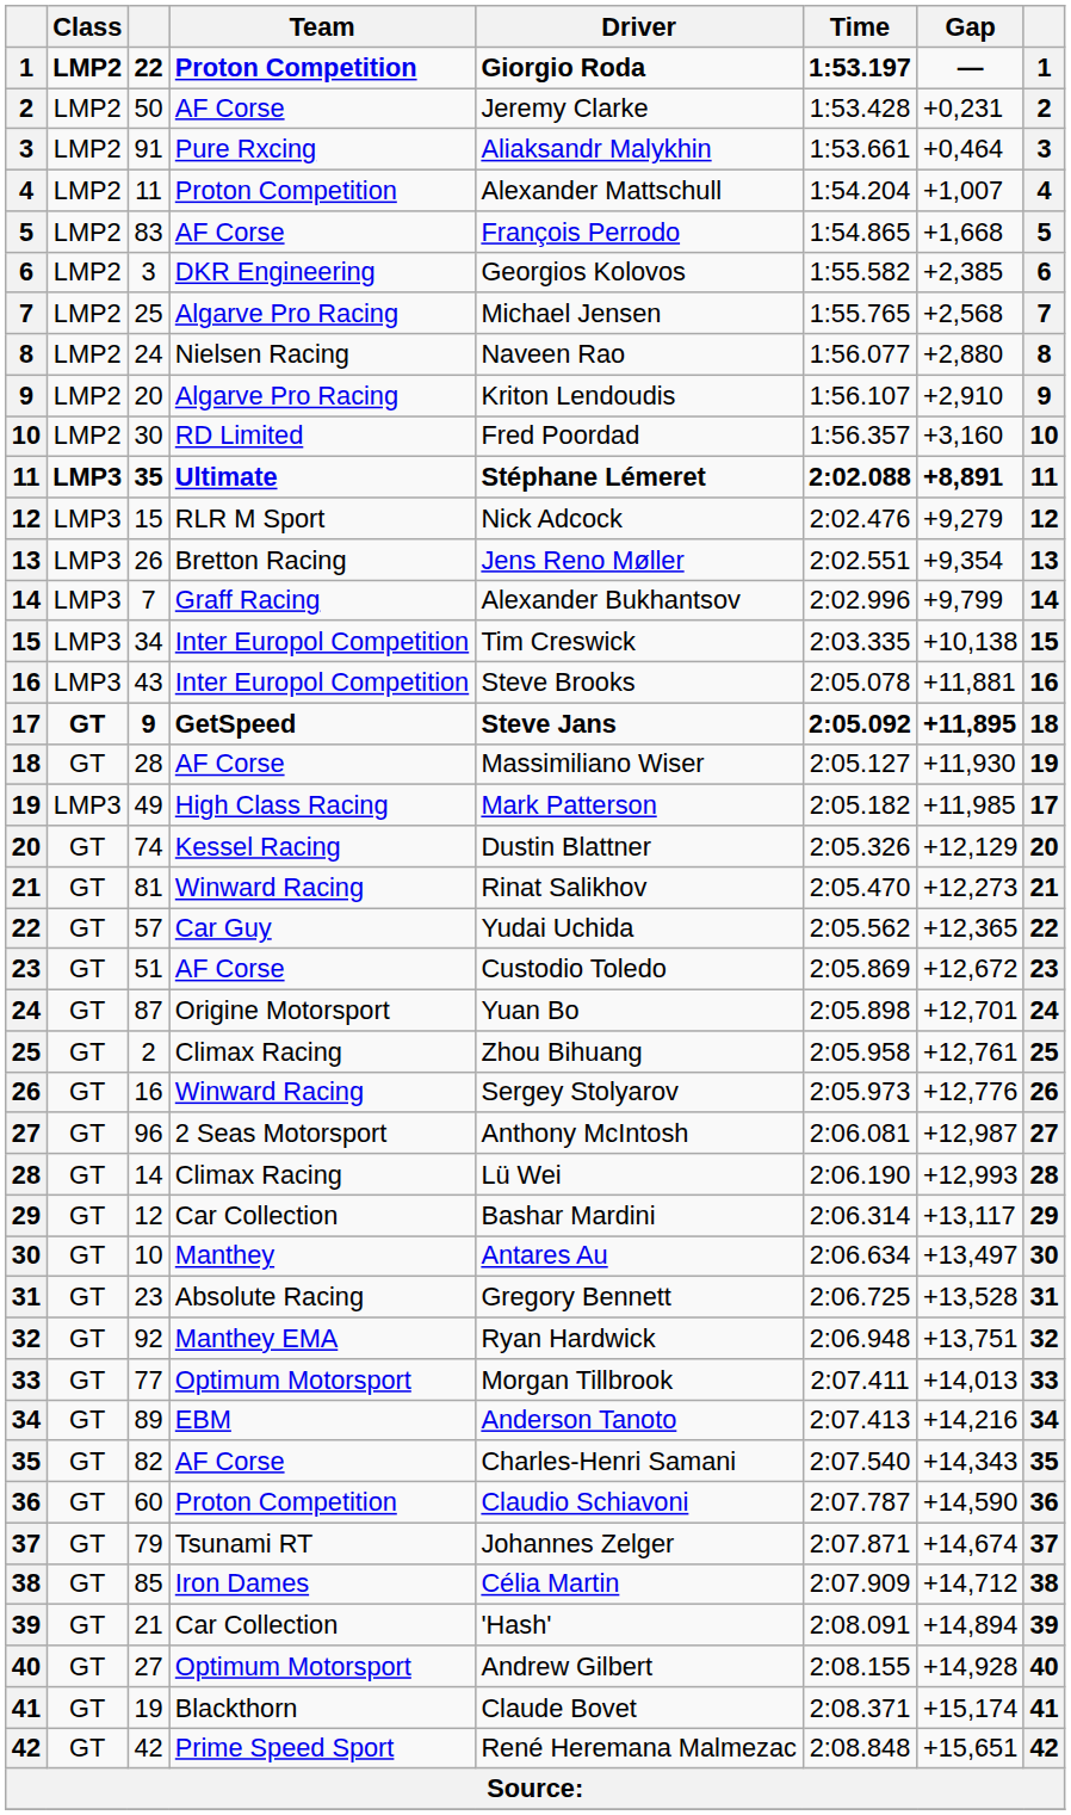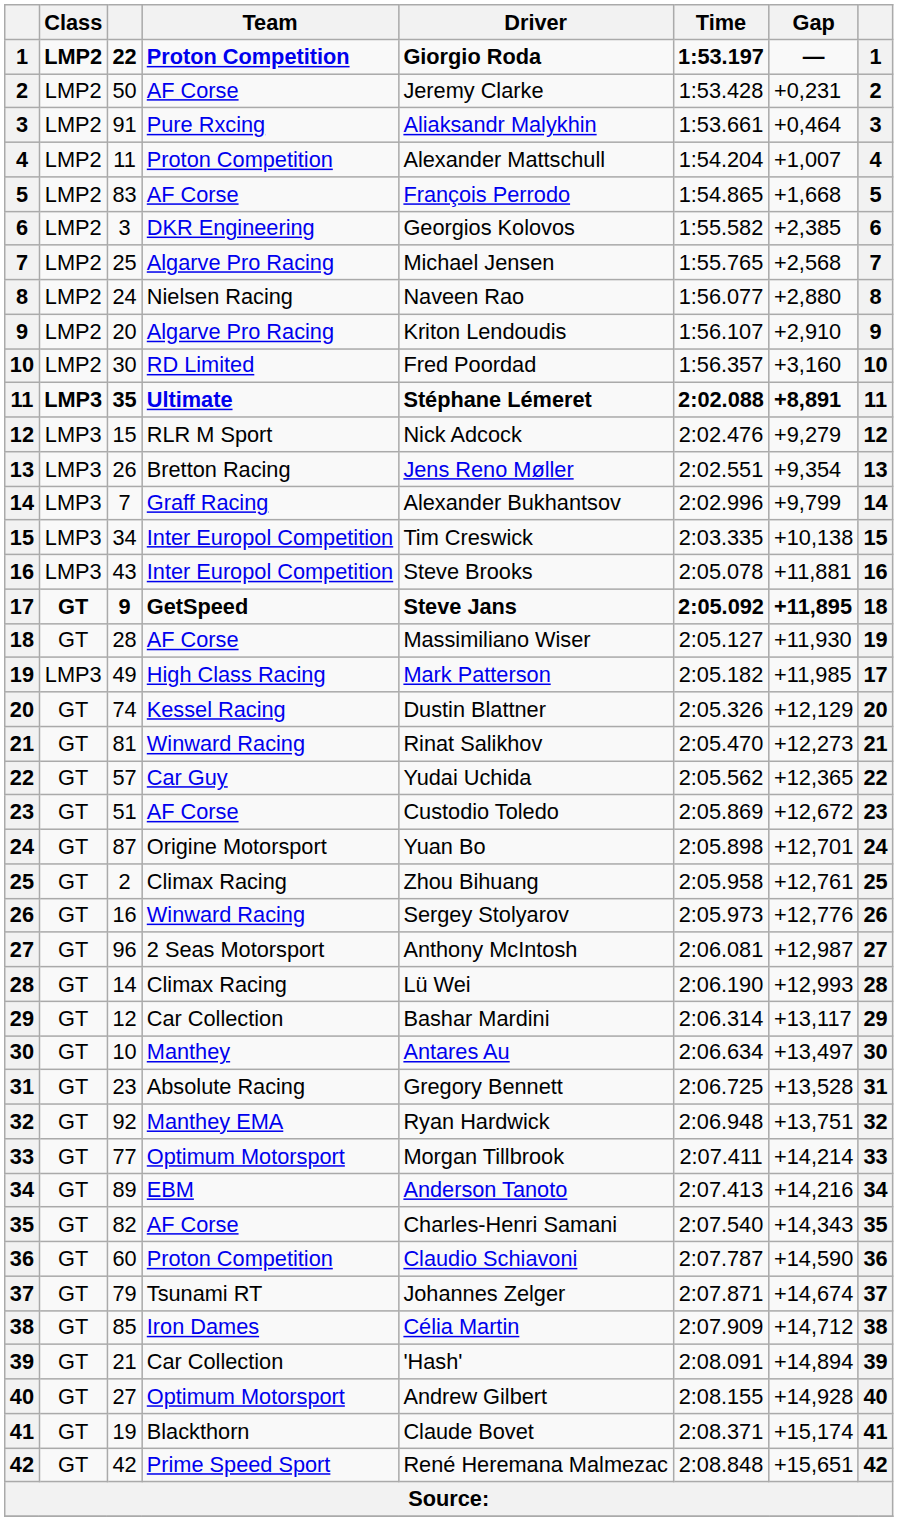 <table class="wikitable sortable" style="font-size: 90%;">
 <tr>
 <th></th>
 <th class="unsortable">Class</th>
 <th class="unsortable"></th>
 <th class="unsortable">Team</th>
 <th class="unsortable">Driver</th>
 <th class="unsortable">Time</th>
 <th class="unsortable">Gap</th>
 <th></th>
 </tr>
 <tr style="font-weight: bold;">
 <th>1</th>
 <td align="center">LMP2</td>
 <td align="center">22</td>
 <td> <a href='#'>Proton Competition</a></td>
 <td> Giorgio Roda</td>
 <td align="center">1:53.197</td>
 <td align="center">—</td>
 <th>1</th>
 </tr>
 <tr>
 <th>2</th>
 <td align="center">LMP2</td>
 <td align="center">50</td>
 <td> <a href='#'>AF Corse</a></td>
 <td> Jeremy Clarke</td>
 <td align="center">1:53.428</td>
 <td>+0,231</td>
 <th>2</th>
 </tr>
 <tr>
 <th>3</th>
 <td align="center">LMP2</td>
 <td align="center">91</td>
 <td> <a href='#'>Pure Rxcing</a></td>
 <td> <a href='#'>Aliaksandr Malykhin</a></td>
 <td align="center">1:53.661</td>
 <td>+0,464</td>
 <th>3</th>
 </tr>
 <tr>
 <th>4</th>
 <td align="center">LMP2</td>
 <td align="center">11</td>
 <td> <a href='#'>Proton Competition</a></td>
 <td> Alexander Mattschull</td>
 <td align="center">1:54.204</td>
 <td>+1,007</td>
 <th>4</th>
 </tr>
 <tr>
 <th>5</th>
 <td align="center">LMP2</td>
 <td align="center">83</td>
 <td> <a href='#'>AF Corse</a></td>
 <td> <a href='#'>François Perrodo</a></td>
 <td align="center">1:54.865</td>
 <td>+1,668</td>
 <th>5</th>
 </tr>
 <tr>
 <th>6</th>
 <td align="center">LMP2</td>
 <td align="center">3</td>
 <td> <a href='#'>DKR Engineering</a></td>
 <td> Georgios Kolovos</td>
 <td align="center">1:55.582</td>
 <td>+2,385</td>
 <th>6</th>
 </tr>
 <tr>
 <th>7</th>
 <td align="center">LMP2</td>
 <td align="center">25</td>
 <td> <a href='#'>Algarve Pro Racing</a></td>
 <td> Michael Jensen</td>
 <td align="center">1:55.765</td>
 <td>+2,568</td>
 <th>7</th>
 </tr>
 <tr>
 <th>8</th>
 <td align="center">LMP2</td>
 <td align="center">24</td>
 <td> Nielsen Racing</td>
 <td> Naveen Rao</td>
 <td align="center">1:56.077</td>
 <td>+2,880</td>
 <th>8</th>
 </tr>
 <tr>
 <th>9</th>
 <td align="center">LMP2</td>
 <td align="center">20</td>
 <td> <a href='#'>Algarve Pro Racing</a></td>
 <td> Kriton Lendoudis</td>
 <td align="center">1:56.107</td>
 <td>+2,910</td>
 <th>9</th>
 </tr>
 <tr>
 <th>10</th>
 <td align="center">LMP2</td>
 <td align="center">30</td>
 <td> <a href='#'>RD Limited</a></td>
 <td> Fred Poordad</td>
 <td align="center">1:56.357</td>
 <td>+3,160</td>
 <th>10</th>
 </tr>
 <tr style="font-weight: bold;">
 <th>11</th>
 <td align="center">LMP3</td>
 <td align="center">35</td>
 <td> <a href='#'>Ultimate</a></td>
 <td> Stéphane Lémeret</td>
 <td align="center">2:02.088</td>
 <td>+8,891</td>
 <th>11</th>
 </tr>
 <tr>
 <th>12</th>
 <td align="center">LMP3</td>
 <td align="center">15</td>
 <td> RLR M Sport</td>
 <td> Nick Adcock</td>
 <td align="center">2:02.476</td>
 <td>+9,279</td>
 <th>12</th>
 </tr>
 <tr>
 <th>13</th>
 <td align="center">LMP3</td>
 <td align="center">26</td>
 <td> Bretton Racing</td>
 <td> <a href='#'>Jens Reno Møller</a></td>
 <td align="center">2:02.551</td>
 <td>+9,354</td>
 <th>13</th>
 </tr>
 <tr>
 <th>14</th>
 <td align="center">LMP3</td>
 <td align="center">7</td>
 <td> <a href='#'>Graff Racing</a></td>
 <td> Alexander Bukhantsov</td>
 <td align="center">2:02.996</td>
 <td>+9,799</td>
 <th>14</th>
 </tr>
 <tr>
 <th>15</th>
 <td align="center">LMP3</td>
 <td align="center">34</td>
 <td> <a href='#'>Inter Europol Competition</a></td>
 <td> Tim Creswick</td>
 <td align="center">2:03.335</td>
 <td>+10,138</td>
 <th>15</th>
 </tr>
 <tr>
 <th>16</th>
 <td align="center">LMP3</td>
 <td align="center">43</td>
 <td> <a href='#'>Inter Europol Competition</a></td>
 <td> Steve Brooks</td>
 <td align="center">2:05.078</td>
 <td>+11,881</td>
 <th>16</th>
 </tr>
 <tr style="font-weight: bold;">
 <th>17</th>
 <td align="center">GT</td>
 <td align="center">9</td>
 <td> GetSpeed</td>
 <td> Steve Jans</td>
 <td align="center">2:05.092</td>
 <td>+11,895</td>
 <th>18</th>
 </tr>
 <tr>
 <th>18</th>
 <td align="center">GT</td>
 <td align="center">28</td>
 <td> <a href='#'>AF Corse</a></td>
 <td> Massimiliano Wiser</td>
 <td align="center">2:05.127</td>
 <td>+11,930</td>
 <th>19</th>
 </tr>
 <tr>
 <th>19</th>
 <td align="center">LMP3</td>
 <td align="center">49</td>
 <td> <a href='#'>High Class Racing</a></td>
 <td> <a href='#'>Mark Patterson</a></td>
 <td align="center">2:05.182</td>
 <td>+11,985</td>
 <th>17</th>
 </tr>
 <tr>
 <th>20</th>
 <td align="center">GT</td>
 <td align="center">74</td>
 <td> <a href='#'>Kessel Racing</a></td>
 <td> Dustin Blattner</td>
 <td align="center">2:05.326</td>
 <td>+12,129</td>
 <th>20</th>
 </tr>
 <tr>
 <th>21</th>
 <td align="center">GT</td>
 <td align="center">81</td>
 <td> <a href='#'>Winward Racing</a></td>
 <td> Rinat Salikhov</td>
 <td align="center">2:05.470</td>
 <td>+12,273</td>
 <th>21</th>
 </tr>
 <tr>
 <th>22</th>
 <td align="center">GT</td>
 <td align="center">57</td>
 <td> <a href='#'>Car Guy</a></td>
 <td> Yudai Uchida</td>
 <td align="center">2:05.562</td>
 <td>+12,365</td>
 <th>22</th>
 </tr>
 <tr>
 <th>23</th>
 <td align="center">GT</td>
 <td align="center">51</td>
 <td> <a href='#'>AF Corse</a></td>
 <td> Custodio Toledo</td>
 <td align="center">2:05.869</td>
 <td>+12,672</td>
 <th>23</th>
 </tr>
 <tr>
 <th>24</th>
 <td align="center">GT</td>
 <td align="center">87</td>
 <td> Origine Motorsport</td>
 <td> Yuan Bo</td>
 <td align="center">2:05.898</td>
 <td>+12,701</td>
 <th>24</th>
 </tr>
 <tr>
 <th>25</th>
 <td align="center">GT</td>
 <td align="center">2</td>
 <td> Climax Racing</td>
 <td> Zhou Bihuang</td>
 <td align="center">2:05.958</td>
 <td>+12,761</td>
 <th>25</th>
 </tr>
 <tr>
 <th>26</th>
 <td align="center">GT</td>
 <td align="center">16</td>
 <td> <a href='#'>Winward Racing</a></td>
 <td> Sergey Stolyarov</td>
 <td align="center">2:05.973</td>
 <td>+12,776</td>
 <th>26</th>
 </tr>
 <tr>
 <th>27</th>
 <td align="center">GT</td>
 <td align="center">96</td>
 <td> 2 Seas Motorsport</td>
 <td> Anthony McIntosh</td>
 <td align="center">2:06.081</td>
 <td>+12,987</td>
 <th>27</th>
 </tr>
 <tr>
 <th>28</th>
 <td align="center">GT</td>
 <td align="center">14</td>
 <td> Climax Racing</td>
 <td> Lü Wei</td>
 <td align="center">2:06.190</td>
 <td>+12,993</td>
 <th>28</th>
 </tr>
 <tr>
 <th>29</th>
 <td align="center">GT</td>
 <td align="center">12</td>
 <td> Car Collection</td>
 <td> Bashar Mardini</td>
 <td align="center">2:06.314</td>
 <td>+13,117</td>
 <th>29</th>
 </tr>
 <tr>
 <th>30</th>
 <td align="center">GT</td>
 <td align="center">10</td>
 <td> <a href='#'>Manthey</a></td>
 <td> <a href='#'>Antares Au</a></td>
 <td align="center">2:06.634</td>
 <td>+13,497</td>
 <th>30</th>
 </tr>
 <tr>
 <th>31</th>
 <td align="center">GT</td>
 <td align="center">23</td>
 <td> Absolute Racing</td>
 <td> Gregory Bennett</td>
 <td align="center">2:06.725</td>
 <td>+13,528</td>
 <th>31</th>
 </tr>
 <tr>
 <th>32</th>
 <td align="center">GT</td>
 <td align="center">92</td>
 <td> <a href='#'>Manthey EMA</a></td>
 <td> Ryan Hardwick</td>
 <td align="center">2:06.948</td>
 <td>+13,751</td>
 <th>32</th>
 </tr>
 <tr>
 <th>33</th>
 <td align="center">GT</td>
 <td align="center">77</td>
 <td> <a href='#'>Optimum Motorsport</a></td>
 <td> Morgan Tillbrook</td>
 <td align="center">2:07.411</td>
-<td>+14,013</td>
+<td>+14,214</td>
 <th>33</th>
 </tr>
 <tr>
 <th>34</th>
 <td align="center">GT</td>
 <td align="center">89</td>
 <td> <a href='#'>EBM</a></td>
 <td> <a href='#'>Anderson Tanoto</a></td>
 <td align="center">2:07.413</td>
 <td>+14,216</td>
 <th>34</th>
 </tr>
 <tr>
 <th>35</th>
 <td align="center">GT</td>
 <td align="center">82</td>
 <td> <a href='#'>AF Corse</a></td>
 <td> Charles-Henri Samani</td>
 <td align="center">2:07.540</td>
 <td>+14,343</td>
 <th>35</th>
 </tr>
 <tr>
 <th>36</th>
 <td align="center">GT</td>
 <td align="center">60</td>
 <td> <a href='#'>Proton Competition</a></td>
 <td> <a href='#'>Claudio Schiavoni</a></td>
 <td align="center">2:07.787</td>
 <td>+14,590</td>
 <th>36</th>
 </tr>
 <tr>
 <th>37</th>
 <td align="center">GT</td>
 <td align="center">79</td>
 <td> Tsunami RT</td>
 <td> Johannes Zelger</td>
 <td align="center">2:07.871</td>
 <td>+14,674</td>
 <th>37</th>
 </tr>
 <tr>
 <th>38</th>
 <td align="center">GT</td>
 <td align="center">85</td>
 <td> <a href='#'>Iron Dames</a></td>
 <td> <a href='#'>Célia Martin</a></td>
 <td align="center">2:07.909</td>
 <td>+14,712</td>
 <th>38</th>
 </tr>
 <tr>
 <th>39</th>
 <td align="center">GT</td>
 <td align="center">21</td>
 <td> Car Collection</td>
 <td> 'Hash'</td>
 <td align="center">2:08.091</td>
 <td>+14,894</td>
 <th>39</th>
 </tr>
 <tr>
 <th>40</th>
 <td align="center">GT</td>
 <td align="center">27</td>
 <td> <a href='#'>Optimum Motorsport</a></td>
 <td> Andrew Gilbert</td>
 <td align="center">2:08.155</td>
 <td>+14,928</td>
 <th>40</th>
 </tr>
 <tr>
 <th>41</th>
 <td align="center">GT</td>
 <td align="center">19</td>
 <td> Blackthorn</td>
 <td> Claude Bovet</td>
 <td align="center">2:08.371</td>
 <td>+15,174</td>
 <th>41</th>
 </tr>
 <tr>
 <th>42</th>
 <td align="center">GT</td>
 <td align="center">42</td>
 <td> <a href='#'>Prime Speed Sport</a></td>
 <td> René Heremana Malmezac</td>
 <td align="center">2:08.848</td>
 <td>+15,651</td>
 <th>42</th>
 </tr>
 <tr>
 <th colspan="8">Source:</th>
 </tr>
 <tr>
 </tr>
 </table>
